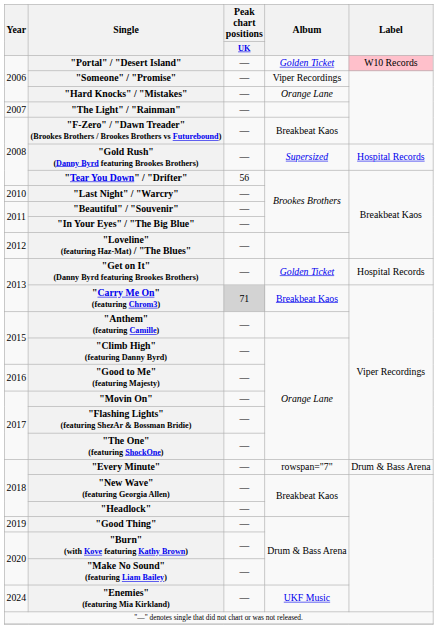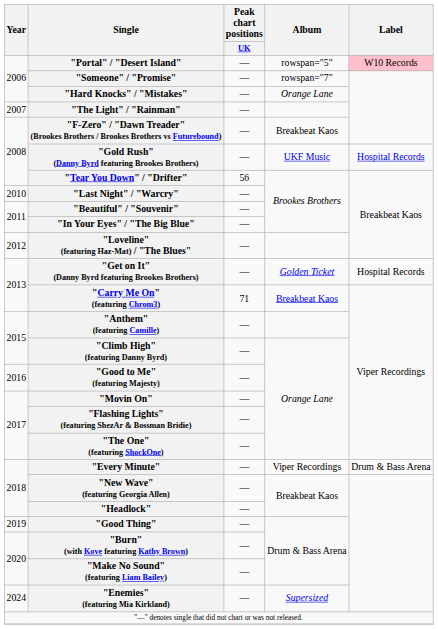 <table class="wikitable plainrowheaders" style="text-align:center;">
 <tr>
 <th scope="col" rowspan="2">Year</th>
 <th scope="col" rowspan="2">Single</th>
 <th scope="col" colspan="1">Peak chart positions</th>
 <th scope="col" rowspan="2">Album</th>
 <th scope="col" rowspan="2">Label</th>
 </tr>
 <tr>
 <th scope="col" style="width:3em;font-size:85%;"><a href='#'>UK</a><br></th>
 </tr>
 <tr>
 <td rowspan="3">2006</td>
 <th scope="row">"Portal" / "Desert Island"</th>
 <td>—</td>
-<td rowspan="1"><em><a href='#'>Golden Ticket</a></em></td>
+<td>rowspan="5" </td>
 <td rowspan="1" style="background: pink;">W10 Records</td>
 </tr>
 <tr>
 <th scope="row">"Someone" / "Promise"</th>
 <td>—</td>
-<td rowspan="1">Viper Recordings</td>
+<td>rowspan="7" </td>
 </tr>
 <tr>
 <th scope="row">"Hard Knocks" / "Mistakes"</th>
 <td>—</td>
 <td><em>Orange Lane</em></td>
 </tr>
 <tr>
 <td rowspan="1">2007</td>
 <th scope="row">"The Light" / "Rainman"</th>
 <td>—</td>
 <td></td>
 </tr>
 <tr>
 <td rowspan="3">2008</td>
 <th scope="row">"F-Zero" / "Dawn Treader"<br><small>(Brookes Brothers / Brookes Brothers vs <a href='#'>Futurebound</a>)</small></th>
 <td>—</td>
 <td rowspan="1">Breakbeat Kaos</td>
 </tr>
 <tr>
 <th scope="row">"Gold Rush"<br><small>(<a href='#'>Danny Byrd</a> featuring Brookes Brothers)</small></th>
 <td>—</td>
-<td rowspan="1"><em><a href='#'>Supersized</a></em></td>
+<td><a href='#'>UKF Music</a></td>
 <td rowspan="1"><a href='#'>Hospital Records</a></td>
 </tr>
 <tr>
 <th scope="row">"<a href='#'>Tear You Down</a>" / "Drifter"</th>
 <td>56</td>
 <td rowspan="4"><em>Brookes Brothers</em></td>
 <td rowspan="5">Breakbeat Kaos</td>
 </tr>
 <tr>
 <td rowspan="1">2010</td>
 <th scope="row">"Last Night" / "Warcry"</th>
 <td>—</td>
 </tr>
 <tr>
 <td rowspan="2">2011</td>
 <th scope="row">"Beautiful" / "Souvenir"</th>
 <td>—</td>
 </tr>
 <tr>
 <th scope="row">"In Your Eyes" / "The Big Blue"</th>
 <td>—</td>
 </tr>
 <tr>
 <td rowspan="1">2012</td>
 <th scope="row">"Loveline" <br><small>(featuring Haz-Mat)</small> / "The Blues"</th>
 <td>—</td>
 <td></td>
 </tr>
 <tr>
 <td rowspan="2">2013</td>
 <th scope="row">"Get on It"<br><small>(Danny Byrd featuring Brookes Brothers)</small></th>
 <td>—</td>
 <td rowspan="1"><em><a href='#'>Golden Ticket</a></em></td>
 <td rowspan="1">Hospital Records</td>
 </tr>
 <tr>
 <th scope="row">"<a href='#'>Carry Me On</a>"<br><small>(featuring <a href='#'>Chrom3</a>)</small></th>
-<td style="background: lightgrey;">71</td>
+<td>71</td>
 <td rowspan="1"><a href='#'>Breakbeat Kaos</a></td>
 <td rowspan="7">Viper Recordings</td>
 </tr>
 <tr>
 <td rowspan="2">2015</td>
 <th scope="row">"Anthem" <br><small>(featuring <a href='#'>Camille</a>)</small></th>
 <td>—</td>
 <td></td>
 </tr>
 <tr>
 <th scope="row">"Climb High" <br><small>(featuring Danny Byrd)</small></th>
 <td>—</td>
 <td rowspan="5"><em>Orange Lane</em></td>
 </tr>
 <tr>
 <td>2016</td>
 <th scope="row">"Good to Me" <br><small>(featuring Majesty)</small></th>
 <td>—</td>
 </tr>
 <tr>
 <td rowspan="3">2017</td>
 <th scope="row">"Movin On"</th>
 <td>—</td>
 </tr>
 <tr>
 <th scope="row">"Flashing Lights" <br><small>(featuring ShezAr & Bossman Bridie)</small></th>
 <td>—</td>
 </tr>
 <tr>
 <th scope="row">"The One" <br><small>(featuring <a href='#'>ShockOne</a>)</small></th>
 <td>—</td>
 </tr>
 <tr>
 <td rowspan="3">2018</td>
 <th scope="row">"Every Minute"</th>
 <td>—</td>
-<td>rowspan="7" </td>
+<td rowspan="1">Viper Recordings</td>
 <td>Drum & Bass Arena</td>
 </tr>
 <tr>
 <th scope="row">"New Wave" <br><small>(featuring Georgia Allen)</small></th>
 <td>—</td>
 <td rowspan="2">Breakbeat Kaos</td>
 </tr>
 <tr>
 <th scope="row">"Headlock"</th>
 <td>—</td>
 </tr>
 <tr>
 <td>2019</td>
 <th scope="row">"Good Thing"</th>
 <td>—</td>
 <td rowspan="3">Drum & Bass Arena</td>
 </tr>
 <tr>
 <td rowspan="2">2020</td>
 <th scope="row">"Burn" <br><small>(with <a href='#'>Kove</a> featuring <a href='#'>Kathy Brown</a>)</small></th>
 <td>—</td>
 </tr>
 <tr>
 <th scope="row">"Make No Sound" <br><small>(featuring <a href='#'>Liam Bailey</a>)</small></th>
 <td>—</td>
 </tr>
 <tr>
 <td>2024</td>
 <th scope="row">"Enemies" <br><small>(featuring Mia Kirkland)</small></th>
 <td>—</td>
-<td><a href='#'>UKF Music</a></td>
+<td rowspan="1"><em><a href='#'>Supersized</a></em></td>
 </tr>
 <tr>
 <td colspan="9" style="font-size:75%">"—" denotes single that did not chart or was not released.</td>
 </tr>
 <tr>
 </tr>
 </table>
